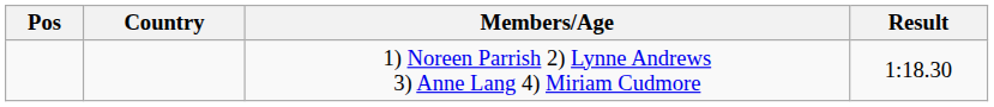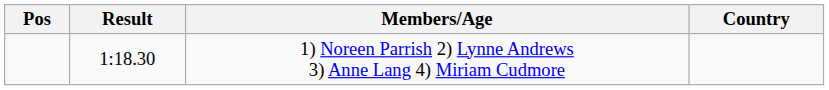 <table class="wikitable"  style="text-align:center; width:80%;">
 <tr>
 <th>Pos</th>
+<th>Result</th>
+<th>Members/Age</th>
 <th>Country</th>
-<th>Members/Age</th>
-<th>Result</th>
 </tr>
 <tr>
 <td align=center></td>
+<td>1:18.30</td>
+<td>1) <a href='#'>Noreen Parrish</a> 2) <a href='#'>Lynne Andrews</a> <br>3) <a href='#'>Anne Lang</a> 4) <a href='#'>Miriam Cudmore</a></td>
 <td align=left></td>
-<td>1) <a href='#'>Noreen Parrish</a> 2) <a href='#'>Lynne Andrews</a> <br>3) <a href='#'>Anne Lang</a> 4) <a href='#'>Miriam Cudmore</a></td>
-<td>1:18.30</td>
 </tr>
 </table>
